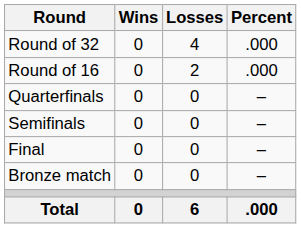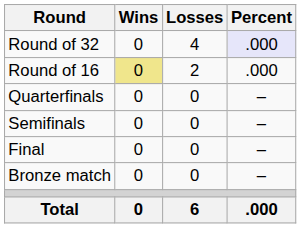 <table class=wikitable>
 <tr>
 <th>Round</th>
 <th>Wins</th>
 <th>Losses</th>
 <th>Percent</th>
 </tr>
 <tr align=center>
 <td align=left>Round of 32</td>
 <td>0</td>
 <td>4</td>
-<td>.000</td>
+<td style="background: lavender;">.000</td>
 </tr>
 <tr align=center>
 <td align=left>Round of 16</td>
-<td>0</td>
+<td style="background: khaki;">0</td>
 <td>2</td>
 <td>.000</td>
 </tr>
 <tr align=center>
 <td align=left>Quarterfinals</td>
 <td>0</td>
 <td>0</td>
 <td>–</td>
 </tr>
 <tr align=center>
 <td align=left>Semifinals</td>
 <td>0</td>
 <td>0</td>
 <td>–</td>
 </tr>
 <tr align=center>
 <td align=left>Final</td>
 <td>0</td>
 <td>0</td>
 <td>–</td>
 </tr>
 <tr align=center>
 <td align=left>Bronze match</td>
 <td>0</td>
 <td>0</td>
 <td>–</td>
 </tr>
 <tr>
 <td colspan=4 bgcolor=lightgray></td>
 </tr>
 <tr>
 <th>Total</th>
 <th>0</th>
 <th>6</th>
 <th>.000</th>
 </tr>
 </table>
